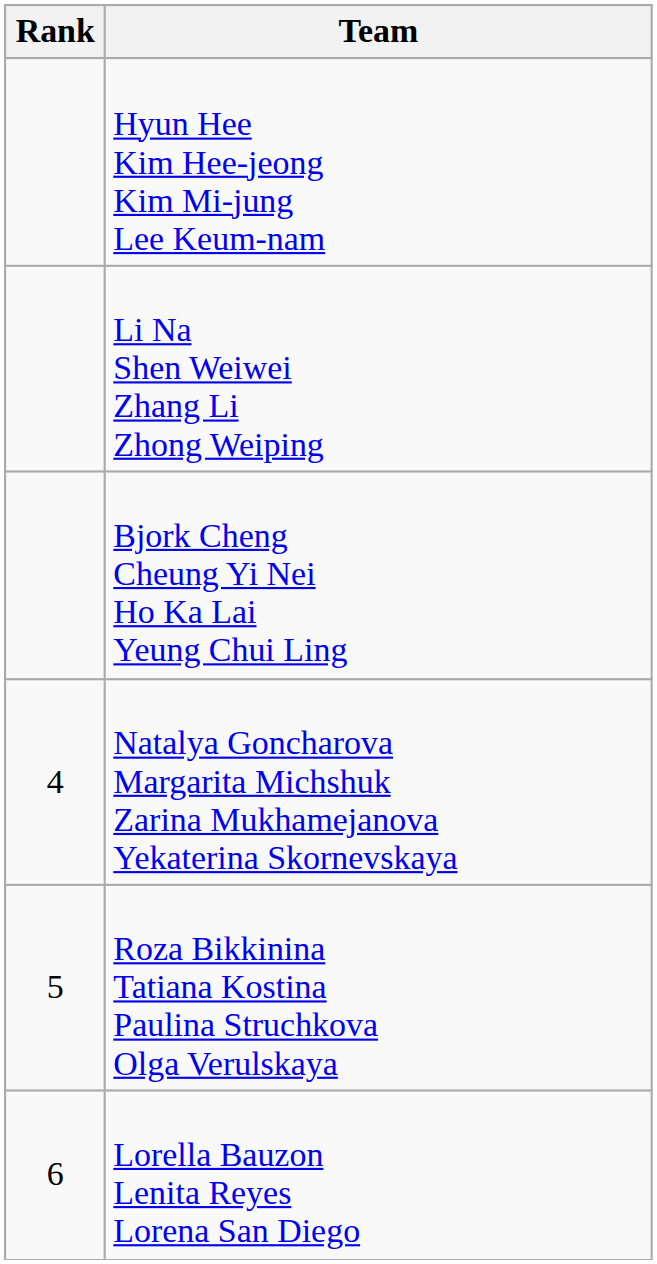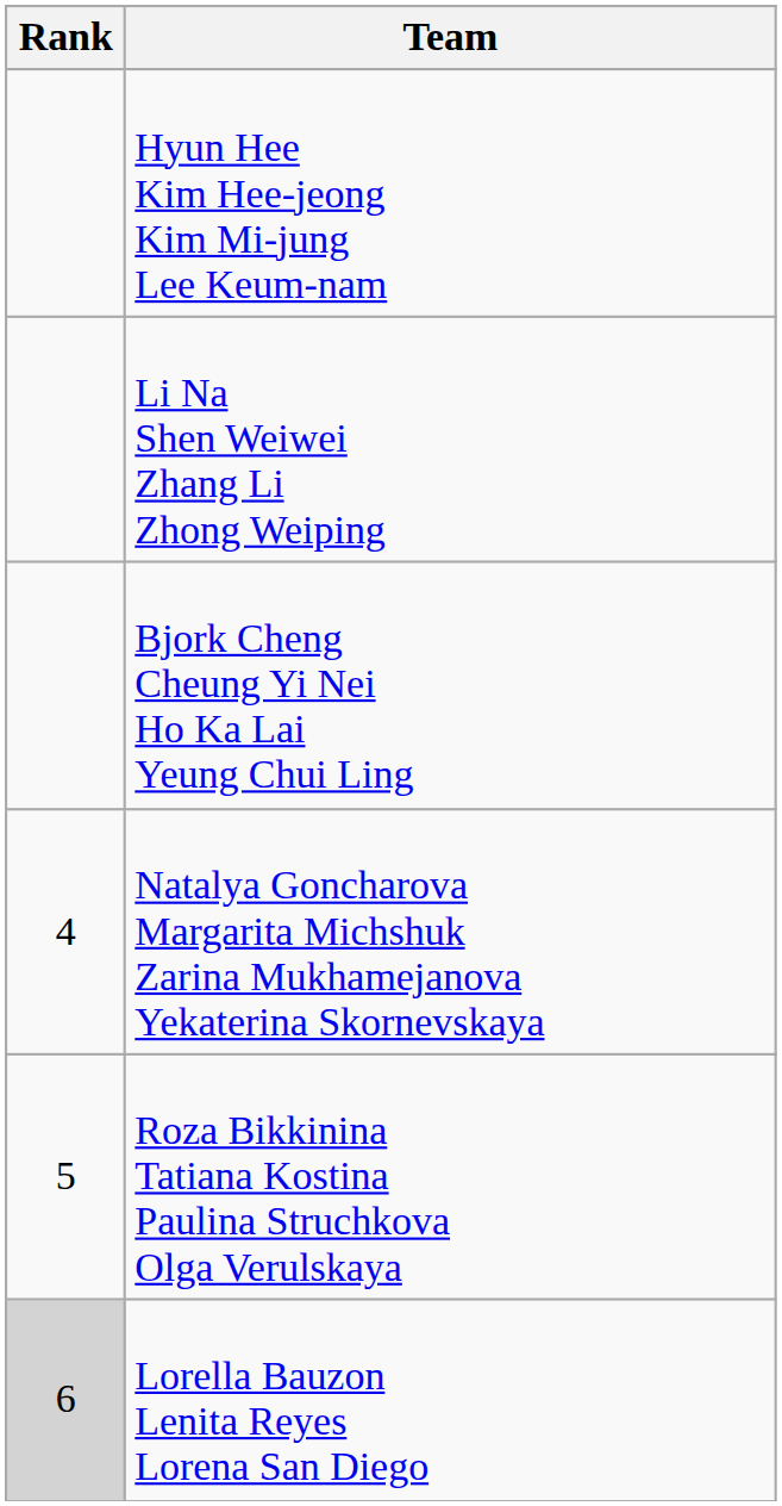 <table class="wikitable" style="text-align: center;">
 <tr>
 <th width=40>Rank</th>
 <th width=250>Team</th>
 </tr>
 <tr>
 <td></td>
 <td align=left><br><a href='#'>Hyun Hee</a><br><a href='#'>Kim Hee-jeong</a><br><a href='#'>Kim Mi-jung</a><br><a href='#'>Lee Keum-nam</a></td>
 </tr>
 <tr>
 <td></td>
 <td align=left><br><a href='#'>Li Na</a><br><a href='#'>Shen Weiwei</a><br><a href='#'>Zhang Li</a><br><a href='#'>Zhong Weiping</a></td>
 </tr>
 <tr>
 <td></td>
 <td align=left><br><a href='#'>Bjork Cheng</a><br><a href='#'>Cheung Yi Nei</a><br><a href='#'>Ho Ka Lai</a><br><a href='#'>Yeung Chui Ling</a></td>
 </tr>
 <tr>
 <td>4</td>
 <td align=left><br><a href='#'>Natalya Goncharova</a><br><a href='#'>Margarita Michshuk</a><br><a href='#'>Zarina Mukhamejanova</a><br><a href='#'>Yekaterina Skornevskaya</a></td>
 </tr>
 <tr>
 <td>5</td>
 <td align=left><br><a href='#'>Roza Bikkinina</a><br><a href='#'>Tatiana Kostina</a><br><a href='#'>Paulina Struchkova</a><br><a href='#'>Olga Verulskaya</a></td>
 </tr>
 <tr>
-<td>6</td>
+<td style="background: lightgrey;">6</td>
 <td align=left><br><a href='#'>Lorella Bauzon</a><br><a href='#'>Lenita Reyes</a><br><a href='#'>Lorena San Diego</a></td>
 </tr>
 </table>
